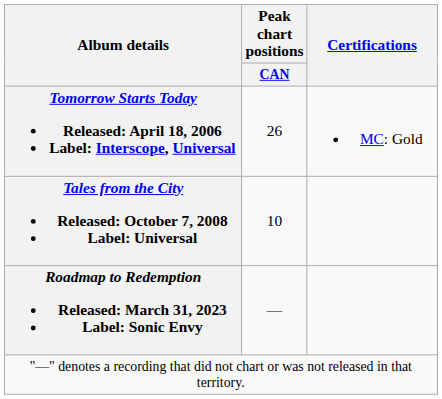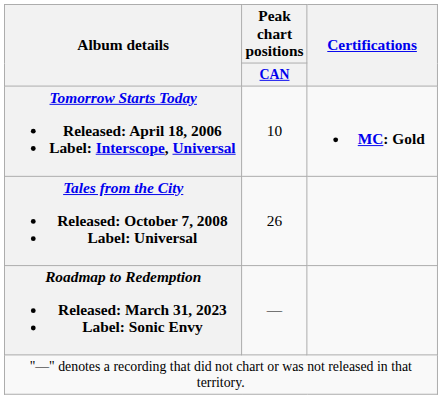 <table class="wikitable plainrowheaders" style="text-align:center;">
 <tr>
 <th scope="col" rowspan="2" style="width:15em;">Album details</th>
 <th scope="col" colspan="1">Peak chart positions</th>
 <th scope="col" rowspan="2" style="width:8em;"><a href='#'>Certifications</a></th>
 </tr>
 <tr>
 <th scope="col" style="width:3em;font-size:90%;"><a href='#'>CAN</a><br></th>
 </tr>
 <tr>
 <th scope="row"><em><a href='#'>Tomorrow Starts Today</a></em><br><ul><li>Released: April 18, 2006</li><li>Label: <a href='#'>Interscope</a>, <a href='#'>Universal</a></li></ul></th>
-<td>26</td>
-<td><br><ul><li><a href='#'>MC</a>: Gold</li></ul></td>
+<td>10</td>
+<td><strong><br><ul><li><a href='#'>MC</a>: Gold</li></ul></strong></td>
 </tr>
 <tr>
 <th scope="row"><em><a href='#'>Tales from the City</a></em><br><ul><li>Released: October 7, 2008</li><li>Label: Universal</li></ul></th>
-<td>10</td>
+<td>26</td>
 <td></td>
 </tr>
 <tr>
 <th scope="row"><em>Roadmap to Redemption</em><br><ul><li>Released: March 31, 2023</li><li>Label: Sonic Envy</li></ul></th>
 <td>—</td>
 <td></td>
 </tr>
 <tr>
 <td colspan="3" style="font-size:90%">"—" denotes a recording that did not chart or was not released in that territory.</td>
 </tr>
 </table>
